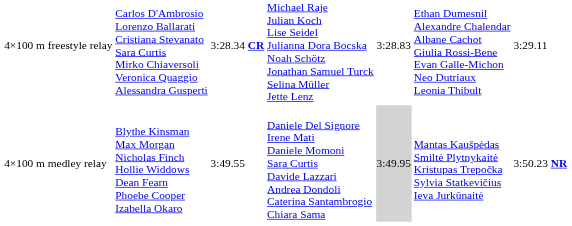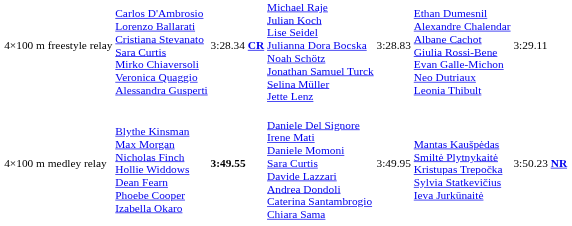 <table>
 <tr>
 <td>4×100 m freestyle relay</td>
 <td><br><a href='#'>Carlos D'Ambrosio</a><br><a href='#'>Lorenzo Ballarati</a><br><a href='#'>Cristiana Stevanato</a><br><a href='#'>Sara Curtis</a><br><a href='#'>Mirko Chiaversoli</a><br><a href='#'>Veronica Quaggio</a><br><a href='#'>Alessandra Gusperti</a></td>
 <td>3:28.34	<strong><a href='#'>CR</a></strong></td>
 <td><br><a href='#'>Michael Raje</a><br><a href='#'>Julian Koch</a><br><a href='#'>Lise Seidel</a><br><a href='#'>Julianna Dora Bocska</a><br><a href='#'>Noah Schötz</a><br><a href='#'>Jonathan Samuel Turck</a><br><a href='#'>Selina Müller</a><br><a href='#'>Jette Lenz</a></td>
 <td>3:28.83</td>
 <td><br><a href='#'>Ethan Dumesnil</a><br><a href='#'>Alexandre Chalendar</a><br><a href='#'>Albane Cachot</a><br><a href='#'>Giulia Rossi-Bene</a><br><a href='#'>Evan Galle-Michon</a><br><a href='#'>Neo Dutriaux</a><br><a href='#'>Leonia Thibult</a></td>
 <td>3:29.11</td>
 </tr>
 <tr>
 <td>4×100 m medley relay</td>
 <td><br><a href='#'>Blythe Kinsman</a><br><a href='#'>Max Morgan</a><br><a href='#'>Nicholas Finch</a><br><a href='#'>Hollie Widdows</a><br><a href='#'>Dean Fearn</a><br><a href='#'>Phoebe Cooper</a><br><a href='#'>Izabella Okaro</a></td>
-<td>3:49.55</td>
+<td><strong>3:49.55</strong></td>
 <td><br><a href='#'>Daniele Del Signore</a><br><a href='#'>Irene Mati</a><br><a href='#'>Daniele Momoni</a><br><a href='#'>Sara Curtis</a><br><a href='#'>Davide Lazzari</a><br><a href='#'>Andrea Dondoli</a><br><a href='#'>Caterina Santambrogio</a><br><a href='#'>Chiara Sama</a></td>
-<td style="background: lightgrey;">3:49.95</td>
+<td>3:49.95</td>
 <td><br><a href='#'>Mantas Kaušpėdas</a><br><a href='#'>Smiltė Plytnykaitė</a><br><a href='#'>Kristupas Trepočka</a><br><a href='#'>Sylvia Statkevičius</a><br><a href='#'>Ieva Jurkūnaitė</a></td>
 <td>3:50.23 <strong><a href='#'>NR</a></strong></td>
 </tr>
 </table>
